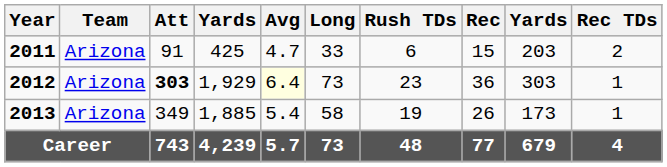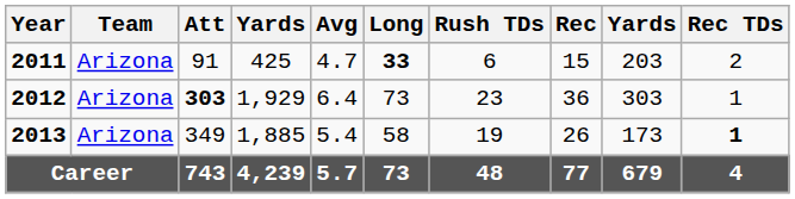 <table class="wikitable" style="text-align:center;">
 <tr>
 <th>Year</th>
 <th>Team</th>
 <th>Att</th>
 <th>Yards</th>
 <th>Avg</th>
 <th>Long</th>
 <th>Rush TDs</th>
 <th>Rec</th>
 <th>Yards</th>
 <th>Rec TDs</th>
 </tr>
 <tr>
 <td><strong>2011</strong></td>
 <td><a href='#'>Arizona</a></td>
 <td>91</td>
 <td>425</td>
 <td>4.7</td>
-<td>33</td>
+<td><strong>33</strong></td>
 <td>6</td>
 <td>15</td>
 <td>203</td>
 <td>2</td>
 </tr>
 <tr>
 <td><strong>2012</strong></td>
 <td><a href='#'>Arizona</a></td>
 <td><strong>303</strong></td>
 <td>1,929</td>
-<td style="background: lightyellow;">6.4</td>
+<td>6.4</td>
 <td>73</td>
 <td>23</td>
 <td>36</td>
 <td>303</td>
 <td>1</td>
 </tr>
 <tr>
 <td><strong>2013</strong></td>
 <td><a href='#'>Arizona</a></td>
 <td>349</td>
 <td>1,885</td>
 <td>5.4</td>
 <td>58</td>
 <td>19</td>
 <td>26</td>
 <td>173</td>
-<td>1</td>
+<td><strong>1</strong></td>
 </tr>
 <tr style="background:#555555;font-weight:bold;color:white;">
 <td colspan=2>Career</td>
 <td>743</td>
 <td>4,239</td>
 <td>5.7</td>
 <td>73</td>
 <td>48</td>
 <td>77</td>
 <td>679</td>
 <td>4</td>
 </tr>
 <tr style="background:#555555;font-weight:bold;color:white;">
 </tr>
 </table>
